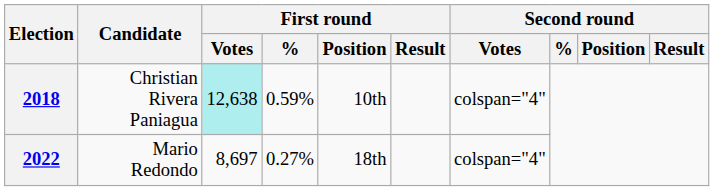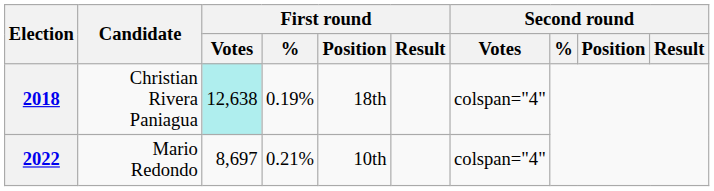 <table class=wikitable style="text-align: right;">
 <tr>
 <th rowspan=2>Election</th>
 <th rowspan=2>Candidate</th>
 <th colspan=4>First round</th>
 <th colspan=4>Second round</th>
 </tr>
 <tr>
 <th>Votes</th>
 <th>%</th>
 <th>Position</th>
 <th>Result</th>
 <th>Votes</th>
 <th>%</th>
 <th>Position</th>
 <th>Result</th>
 </tr>
 <tr>
 <th><a href='#'>2018</a></th>
 <td>Christian Rivera Paniagua</td>
 <td style="background: paleturquoise;">12,638</td>
-<td>0.59%</td>
-<td>10th</td>
+<td>0.19%</td>
+<td> 18th</td>
 <td></td>
 <td>colspan="4" </td>
 </tr>
 <tr>
 <th><a href='#'>2022</a></th>
 <td>Mario Redondo</td>
 <td>8,697</td>
-<td>0.27%</td>
-<td> 18th</td>
+<td>0.21%</td>
+<td>10th</td>
 <td></td>
 <td>colspan="4" </td>
 </tr>
 </table>
